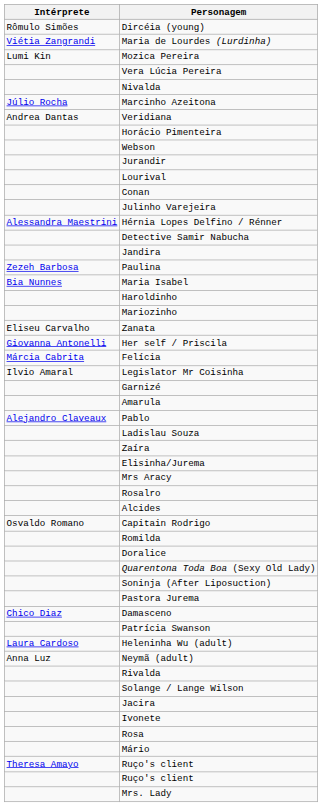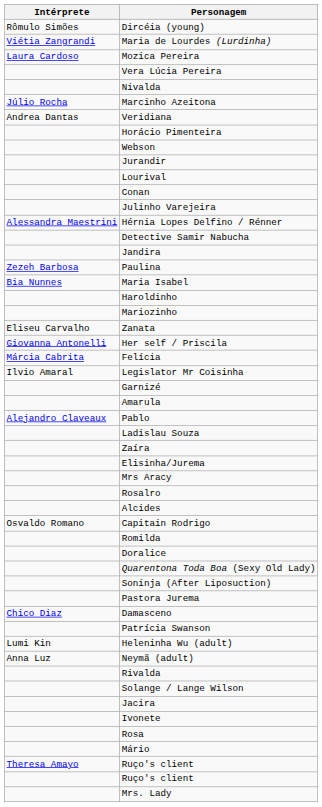 <table class="wikitable">
 <tr bgcolor="#CCCCCC">
 <th>Intérprete</th>
 <th>Personagem</th>
 </tr>
 <tr>
 <td>Rômulo Simões</td>
 <td>Dircéia (young)</td>
 </tr>
 <tr>
 <td><a href='#'>Viétia Zangrandi</a></td>
 <td>Maria de Lourdes <em>(Lurdinha)</em></td>
 </tr>
 <tr>
-<td>Lumi Kin</td>
+<td><a href='#'>Laura Cardoso</a></td>
 <td>Mozica Pereira</td>
 </tr>
 <tr>
 <td></td>
 <td>Vera Lúcia Pereira</td>
 </tr>
 <tr>
 <td></td>
 <td>Nivalda</td>
 </tr>
 <tr>
 <td><a href='#'>Júlio Rocha</a></td>
 <td>Marcinho Azeitona</td>
 </tr>
 <tr>
 <td>Andrea Dantas</td>
 <td>Veridiana</td>
 </tr>
 <tr>
 <td></td>
 <td>Horácio Pimenteira</td>
 </tr>
 <tr>
 <td></td>
 <td>Webson</td>
 </tr>
 <tr>
 <td></td>
 <td>Jurandir</td>
 </tr>
 <tr>
 <td></td>
 <td>Lourival</td>
 </tr>
 <tr>
 <td></td>
 <td>Conan</td>
 </tr>
 <tr>
 <td></td>
 <td>Julinho Varejeira</td>
 </tr>
 <tr>
 <td><a href='#'>Alessandra Maestrini</a></td>
 <td>Hérnia Lopes Delfino / Rénner</td>
 </tr>
 <tr>
 <td></td>
 <td>Detective Samir Nabucha</td>
 </tr>
 <tr>
 <td></td>
 <td>Jandira</td>
 </tr>
 <tr>
 <td><a href='#'>Zezeh Barbosa</a></td>
 <td>Paulina</td>
 </tr>
 <tr>
 <td><a href='#'>Bia Nunnes</a></td>
 <td>Maria Isabel</td>
 </tr>
 <tr>
 <td></td>
 <td>Haroldinho</td>
 </tr>
 <tr>
 <td></td>
 <td>Mariozinho</td>
 </tr>
 <tr>
 <td>Eliseu Carvalho</td>
 <td>Zanata</td>
 </tr>
 <tr>
 <td><a href='#'>Giovanna Antonelli</a></td>
 <td>Her self / Priscila</td>
 </tr>
 <tr>
 <td><a href='#'>Márcia Cabrita</a></td>
 <td>Felícia</td>
 </tr>
 <tr>
 <td>Ilvio Amaral</td>
 <td>Legislator Mr Coisinha</td>
 </tr>
 <tr>
 <td></td>
 <td>Garnizé</td>
 </tr>
 <tr>
 <td></td>
 <td>Amarula</td>
 </tr>
 <tr>
 <td><a href='#'>Alejandro Claveaux</a></td>
 <td>Pablo</td>
 </tr>
 <tr>
 <td></td>
 <td>Ladislau Souza</td>
 </tr>
 <tr>
 <td></td>
 <td>Zaíra</td>
 </tr>
 <tr>
 <td></td>
 <td>Elisinha/Jurema</td>
 </tr>
 <tr>
 <td></td>
 <td>Mrs Aracy</td>
 </tr>
 <tr>
 <td></td>
 <td>Rosalro</td>
 </tr>
 <tr>
 <td></td>
 <td>Alcides</td>
 </tr>
 <tr>
 <td>Osvaldo Romano</td>
 <td>Capitain Rodrigo</td>
 </tr>
 <tr>
 <td></td>
 <td>Romilda</td>
 </tr>
 <tr>
 <td></td>
 <td>Doralice</td>
 </tr>
 <tr>
 <td></td>
 <td><em>Quarentona Toda Boa</em> (Sexy Old Lady)</td>
 </tr>
 <tr>
 <td></td>
 <td>Soninja (After Liposuction)</td>
 </tr>
 <tr>
 <td></td>
 <td>Pastora Jurema</td>
 </tr>
 <tr>
 <td><a href='#'>Chico Diaz</a></td>
 <td>Damasceno</td>
 </tr>
 <tr>
 <td></td>
 <td>Patrícia Swanson</td>
 </tr>
 <tr>
-<td><a href='#'>Laura Cardoso</a></td>
+<td>Lumi Kin</td>
 <td>Heleninha Wu (adult)</td>
 </tr>
 <tr>
 <td>Anna Luz</td>
 <td>Neymã (adult)</td>
 </tr>
 <tr>
 <td></td>
 <td>Rivalda</td>
 </tr>
 <tr>
 <td></td>
 <td>Solange / Lange Wilson</td>
 </tr>
 <tr>
 <td></td>
 <td>Jacira</td>
 </tr>
 <tr>
 <td></td>
 <td>Ivonete</td>
 </tr>
 <tr>
 <td></td>
 <td>Rosa</td>
 </tr>
 <tr>
 <td></td>
 <td>Mário</td>
 </tr>
 <tr>
 <td><a href='#'>Theresa Amayo</a></td>
 <td>Ruço's client</td>
 </tr>
 <tr>
 <td></td>
 <td>Ruço's client</td>
 </tr>
 <tr>
 <td></td>
 <td>Mrs. Lady</td>
 </tr>
 </table>
